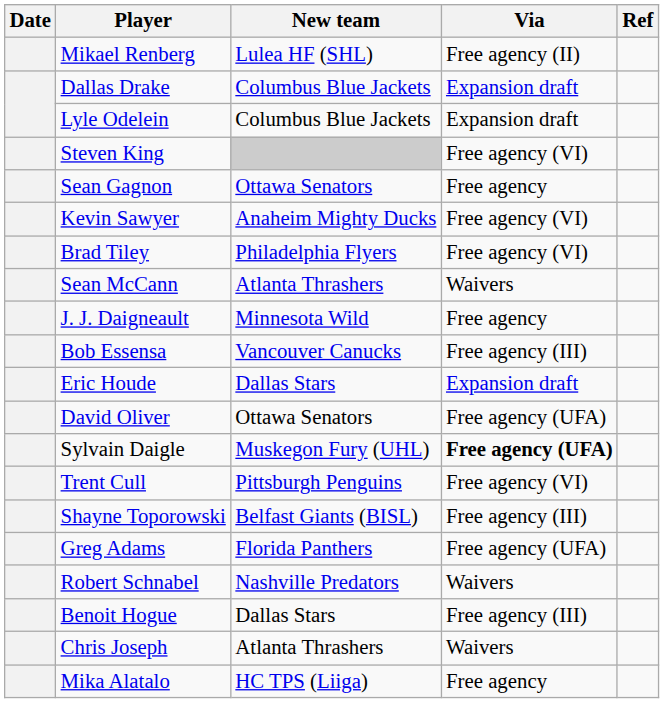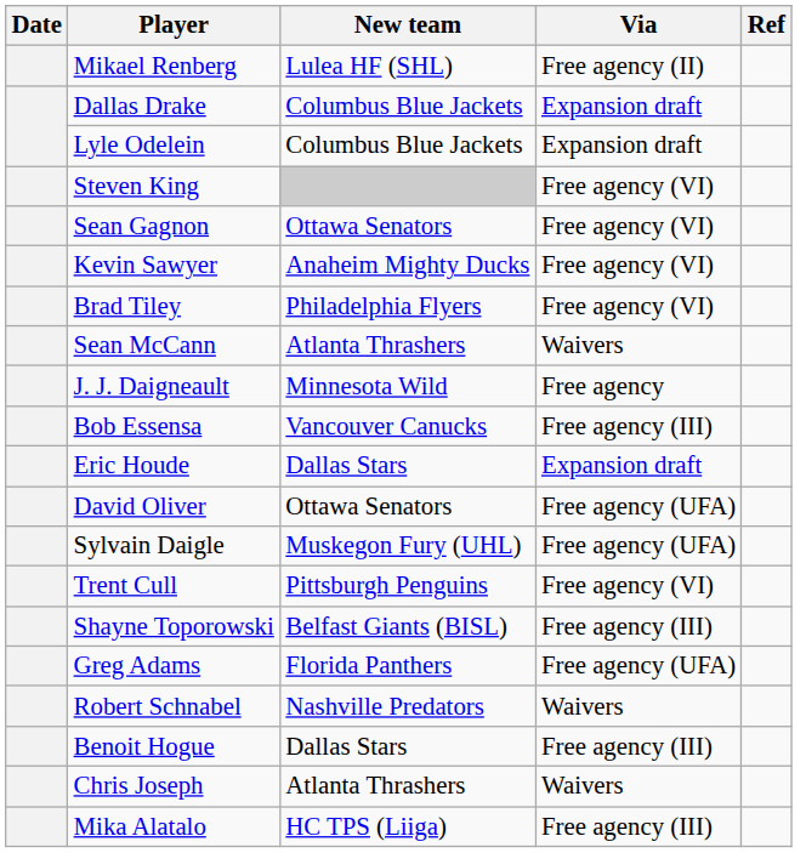 <table class="wikitable plainrowheaders">
 <tr style="background:#ddd; text-align:center;">
 <th>Date</th>
 <th>Player</th>
 <th>New team</th>
 <th>Via</th>
 <th>Ref</th>
 </tr>
 <tr>
 <th scope="row"></th>
 <td><a href='#'>Mikael Renberg</a></td>
 <td><a href='#'>Lulea HF</a> (<a href='#'>SHL</a>)</td>
 <td>Free agency (II)</td>
 <td></td>
 </tr>
 <tr>
 <th scope="row" rowspan=2></th>
 <td><a href='#'>Dallas Drake</a></td>
 <td><a href='#'>Columbus Blue Jackets</a></td>
 <td><a href='#'>Expansion draft</a></td>
 <td></td>
 </tr>
 <tr>
 <td><a href='#'>Lyle Odelein</a></td>
 <td>Columbus Blue Jackets</td>
 <td>Expansion draft</td>
 <td></td>
 </tr>
 <tr>
 <th scope="row"></th>
 <td><a href='#'>Steven King</a></td>
 <td style="background:#ccc"></td>
 <td>Free agency (VI)</td>
 <td></td>
 </tr>
 <tr>
 <th scope="row"></th>
 <td><a href='#'>Sean Gagnon</a></td>
 <td><a href='#'>Ottawa Senators</a></td>
-<td>Free agency</td>
+<td>Free agency (VI)</td>
 <td></td>
 </tr>
 <tr>
 <th scope="row"></th>
 <td><a href='#'>Kevin Sawyer</a></td>
 <td><a href='#'>Anaheim Mighty Ducks</a></td>
 <td>Free agency (VI)</td>
 <td></td>
 </tr>
 <tr>
 <th scope="row"></th>
 <td><a href='#'>Brad Tiley</a></td>
 <td><a href='#'>Philadelphia Flyers</a></td>
 <td>Free agency (VI)</td>
 <td></td>
 </tr>
 <tr>
 <th scope="row"></th>
 <td><a href='#'>Sean McCann</a></td>
 <td><a href='#'>Atlanta Thrashers</a></td>
 <td>Waivers</td>
 <td></td>
 </tr>
 <tr>
 <th scope="row"></th>
 <td><a href='#'>J. J. Daigneault</a></td>
 <td><a href='#'>Minnesota Wild</a></td>
 <td>Free agency</td>
 <td></td>
 </tr>
 <tr>
 <th scope="row"></th>
 <td><a href='#'>Bob Essensa</a></td>
 <td><a href='#'>Vancouver Canucks</a></td>
 <td>Free agency (III)</td>
 <td></td>
 </tr>
 <tr>
 <th scope="row"></th>
 <td><a href='#'>Eric Houde</a></td>
 <td><a href='#'>Dallas Stars</a></td>
 <td><a href='#'>Expansion draft</a></td>
 <td></td>
 </tr>
 <tr>
 <th scope="row"></th>
 <td><a href='#'>David Oliver</a></td>
 <td>Ottawa Senators</td>
 <td>Free agency (UFA)</td>
 <td></td>
 </tr>
 <tr>
 <th scope="row"></th>
 <td>Sylvain Daigle</td>
 <td><a href='#'>Muskegon Fury</a> (<a href='#'>UHL</a>)</td>
-<td><strong>Free agency (UFA)</strong></td>
+<td>Free agency (UFA)</td>
 <td></td>
 </tr>
 <tr>
 <th scope="row"></th>
 <td><a href='#'>Trent Cull</a></td>
 <td><a href='#'>Pittsburgh Penguins</a></td>
 <td>Free agency (VI)</td>
 <td></td>
 </tr>
 <tr>
 <th scope="row"></th>
 <td><a href='#'>Shayne Toporowski</a></td>
 <td><a href='#'>Belfast Giants</a> (<a href='#'>BISL</a>)</td>
 <td>Free agency (III)</td>
 <td></td>
 </tr>
 <tr>
 <th scope="row"></th>
 <td><a href='#'>Greg Adams</a></td>
 <td><a href='#'>Florida Panthers</a></td>
 <td>Free agency (UFA)</td>
 <td></td>
 </tr>
 <tr>
 <th scope="row"></th>
 <td><a href='#'>Robert Schnabel</a></td>
 <td><a href='#'>Nashville Predators</a></td>
 <td>Waivers</td>
 <td></td>
 </tr>
 <tr>
 <th scope="row"></th>
 <td><a href='#'>Benoit Hogue</a></td>
 <td>Dallas Stars</td>
 <td>Free agency (III)</td>
 <td></td>
 </tr>
 <tr>
 <th scope="row"></th>
 <td><a href='#'>Chris Joseph</a></td>
 <td>Atlanta Thrashers</td>
 <td>Waivers</td>
 <td></td>
 </tr>
 <tr>
 <th scope="row"></th>
 <td><a href='#'>Mika Alatalo</a></td>
 <td><a href='#'>HC TPS</a> (<a href='#'>Liiga</a>)</td>
-<td>Free agency</td>
+<td>Free agency (III)</td>
 <td></td>
 </tr>
 </table>
